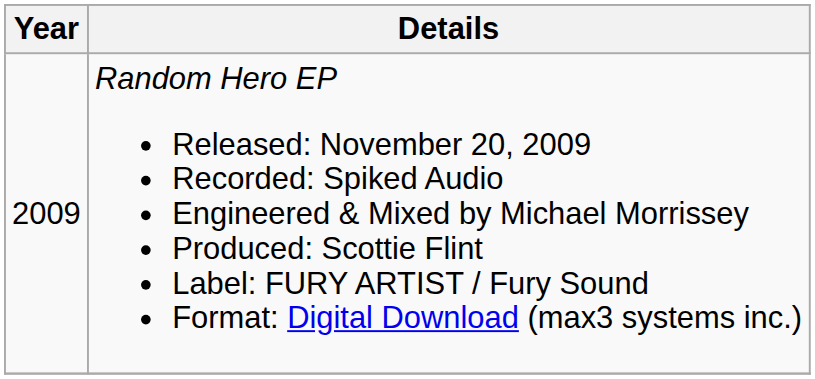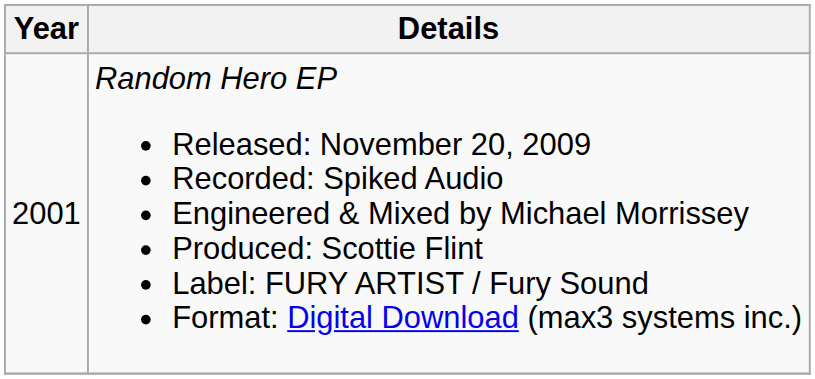 <table class="wikitable" border="1">
 <tr>
 <th>Year</th>
 <th>Details</th>
 </tr>
 <tr>
-<td>2009</td>
+<td>2001</td>
 <td><em>Random Hero EP</em><br><ul><li>Released: November 20, 2009</li><li>Recorded:  Spiked Audio</li><li>Engineered & Mixed by Michael Morrissey</li><li>Produced:  Scottie Flint</li><li>Label: FURY ARTIST / Fury Sound</li><li>Format: <a href='#'>Digital Download</a> (max3 systems inc.)</li></ul></td>
 </tr>
 <tr>
 </tr>
 </table>
